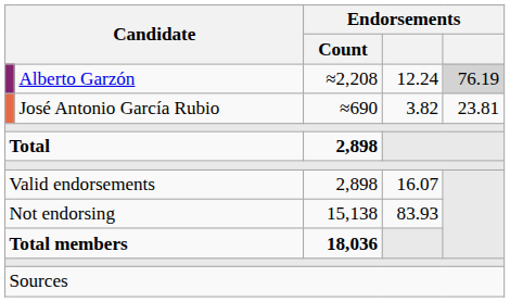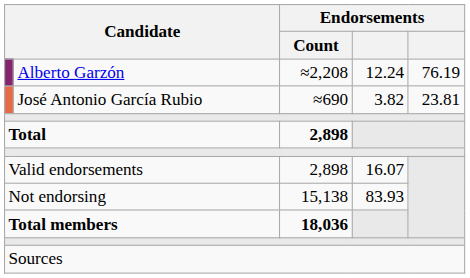 <table class="wikitable" style="text-align:right;">
 <tr>
 <th colspan="2" rowspan="2" width="250">Candidate</th>
 <th colspan="3">Endorsements</th>
 </tr>
 <tr>
 <th width="60">Count</th>
 <th width="45"></th>
 <th width="45"></th>
 </tr>
 <tr>
 <td width="1" style="color:inherit;background:#83246E"></td>
 <td align="left"><a href='#'>Alberto Garzón</a></td>
 <td>≈2,208</td>
 <td>12.24</td>
-<td style="background: lightgrey;">76.19</td>
+<td>76.19</td>
 </tr>
 <tr>
 <td style="color:inherit;background:#E66A45"></td>
 <td align="left">José Antonio García Rubio</td>
 <td>≈690</td>
 <td>3.82</td>
 <td>23.81</td>
 </tr>
 <tr>
 <td colspan="7" bgcolor="#E9E9E9"></td>
 </tr>
 <tr style="font-weight:bold;">
 <td colspan="2" align="left">Total</td>
 <td>2,898</td>
 <td colspan="2" bgcolor="#E9E9E9"></td>
 </tr>
 <tr>
 <td colspan="5" bgcolor="#E9E9E9"></td>
 </tr>
 <tr>
 <td colspan="2" align="left">Valid endorsements</td>
 <td>2,898</td>
 <td>16.07</td>
 <td rowspan="3" bgcolor="#E9E9E9"></td>
 </tr>
 <tr>
 <td colspan="2" align="left">Not endorsing</td>
 <td>15,138</td>
 <td>83.93</td>
 </tr>
 <tr>
 <td colspan="2" align="left"><strong>Total members</strong></td>
 <td><strong>18,036</strong></td>
 <td bgcolor="#E9E9E9"></td>
 </tr>
 <tr>
 <td colspan="5" bgcolor="#E9E9E9"></td>
 </tr>
 <tr>
 <td colspan="5" align="left">Sources</td>
 </tr>
 </table>
